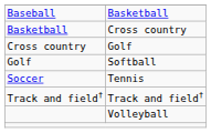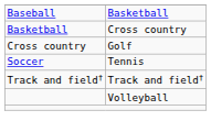 <table class="wikitable">
 <tr>
 </tr>
 <tr>
 <td><a href='#'>Baseball</a></td>
 <td><a href='#'>Basketball</a></td>
 </tr>
 <tr>
 <td><a href='#'>Basketball</a></td>
 <td>Cross country</td>
 </tr>
 <tr>
 <td>Cross country</td>
 <td>Golf</td>
-</tr>
-<tr>
-<td>Golf</td>
-<td>Softball</td>
 </tr>
 <tr>
 <td><a href='#'>Soccer</a></td>
 <td>Tennis</td>
 </tr>
 <tr>
 <td>Track and field<sup>†</sup></td>
 <td>Track and field<sup>†</sup></td>
 </tr>
 <tr>
 <td></td>
 <td>Volleyball</td>
 </tr>
 <tr>
 <td colspan="2"></td>
 </tr>
 </table>
